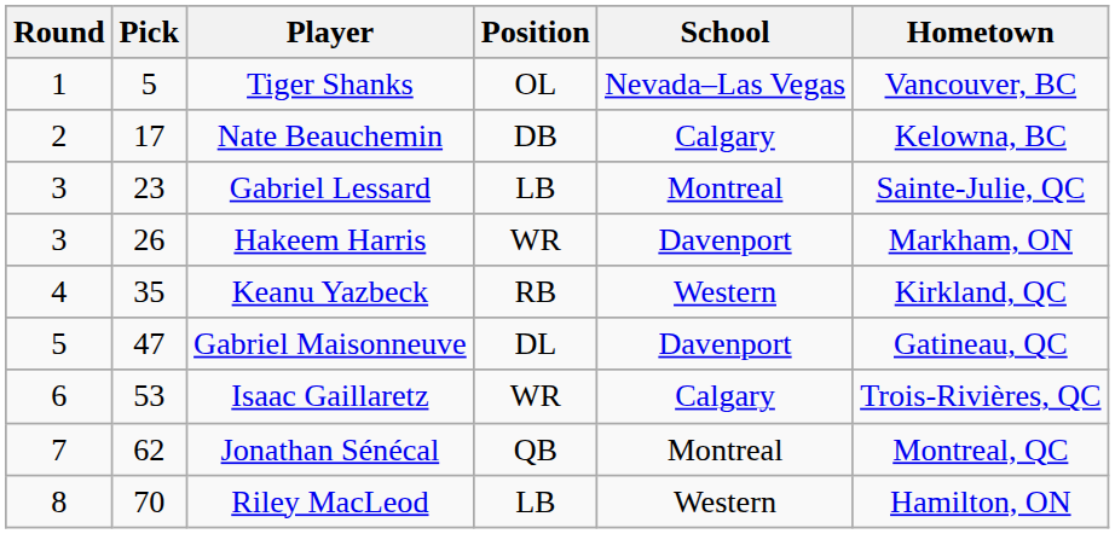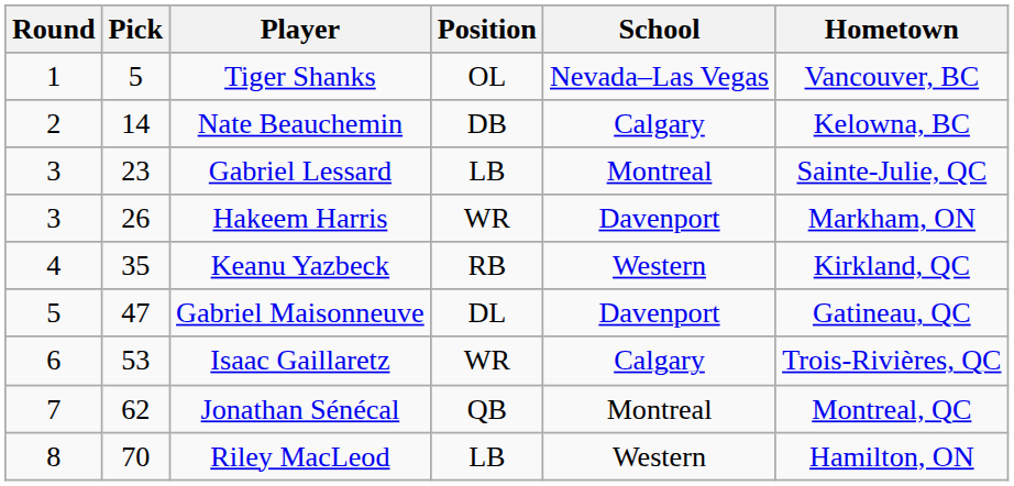 <table class="wikitable" style="font-size: 95%;">
 <tr>
 <th scope="col">Round</th>
 <th scope="col">Pick</th>
 <th scope="col">Player</th>
 <th scope="col">Position</th>
 <th scope="col">School</th>
 <th scope="col">Hometown</th>
 </tr>
 <tr align="center">
 <td align=center>1</td>
 <td>5</td>
 <td><a href='#'>Tiger Shanks</a></td>
 <td>OL</td>
 <td><a href='#'>Nevada–Las Vegas</a></td>
 <td><a href='#'>Vancouver, BC</a></td>
 </tr>
 <tr align="center">
 <td align=center>2</td>
-<td>17</td>
+<td>14</td>
 <td><a href='#'>Nate Beauchemin</a></td>
 <td>DB</td>
 <td><a href='#'>Calgary</a></td>
 <td><a href='#'>Kelowna, BC</a></td>
 </tr>
 <tr align="center">
 <td align=center>3</td>
 <td>23</td>
 <td><a href='#'>Gabriel Lessard</a></td>
 <td>LB</td>
 <td><a href='#'>Montreal</a></td>
 <td><a href='#'>Sainte-Julie, QC</a></td>
 </tr>
 <tr align="center">
 <td align=center>3</td>
 <td>26</td>
 <td><a href='#'>Hakeem Harris</a></td>
 <td>WR</td>
 <td><a href='#'>Davenport</a></td>
 <td><a href='#'>Markham, ON</a></td>
 </tr>
 <tr align="center">
 <td align=center>4</td>
 <td>35</td>
 <td><a href='#'>Keanu Yazbeck</a></td>
 <td>RB</td>
 <td><a href='#'>Western</a></td>
 <td><a href='#'>Kirkland, QC</a></td>
 </tr>
 <tr align="center">
 <td align=center>5</td>
 <td>47</td>
 <td><a href='#'>Gabriel Maisonneuve</a></td>
 <td>DL</td>
 <td><a href='#'>Davenport</a></td>
 <td><a href='#'>Gatineau, QC</a></td>
 </tr>
 <tr align="center">
 <td align=center>6</td>
 <td>53</td>
 <td><a href='#'>Isaac Gaillaretz</a></td>
 <td>WR</td>
 <td><a href='#'>Calgary</a></td>
 <td><a href='#'>Trois-Rivières, QC</a></td>
 </tr>
 <tr align="center">
 <td align=center>7</td>
 <td>62</td>
 <td><a href='#'>Jonathan Sénécal</a></td>
 <td>QB</td>
 <td>Montreal</td>
 <td><a href='#'>Montreal, QC</a></td>
 </tr>
 <tr align="center">
 <td align=center>8</td>
 <td>70</td>
 <td><a href='#'>Riley MacLeod</a></td>
 <td>LB</td>
 <td>Western</td>
 <td><a href='#'>Hamilton, ON</a></td>
 </tr>
 </table>
